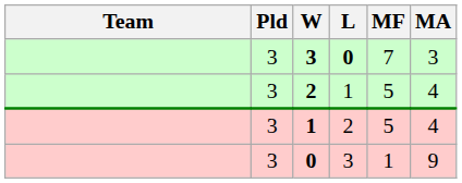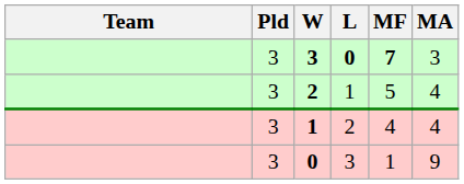 <table class=wikitable style="text-align:center">
 <tr>
 <th width=175>Team</th>
 <th width=20>Pld</th>
 <th width=20>W</th>
 <th width=20>L</th>
 <th width=20>MF</th>
 <th width=20>MA</th>
 </tr>
 <tr bgcolor=ccffcc>
 <td style="text-align:left"></td>
 <td>3</td>
 <td><strong>3</strong></td>
 <td><strong>0</strong></td>
-<td>7</td>
+<td><strong>7</strong></td>
 <td>3</td>
 </tr>
 <tr bgcolor=ccffcc style="border-bottom:2px solid green;">
 <td style="text-align:left"></td>
 <td>3</td>
 <td><strong>2</strong></td>
 <td>1</td>
 <td>5</td>
 <td>4</td>
 </tr>
 <tr bgcolor=ffcccc>
 <td style="text-align:left"></td>
 <td>3</td>
 <td><strong>1</strong></td>
 <td>2</td>
-<td>5</td>
+<td>4</td>
 <td>4</td>
 </tr>
 <tr bgcolor=ffcccc>
 <td style="text-align:left"></td>
 <td>3</td>
 <td><strong>0</strong></td>
 <td>3</td>
 <td>1</td>
 <td>9</td>
 </tr>
 </table>
